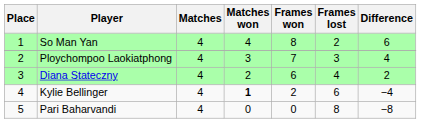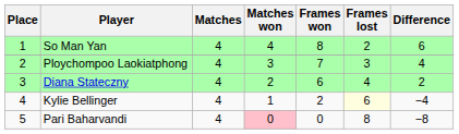 <table class="wikitable" style="text-align: center;">
 <tr>
 <th width=20>Place</th>
 <th width=200>Player</th>
 <th width=20>Matches</th>
 <th width=20>Matches won</th>
 <th width=20>Frames won</th>
 <th width=20>Frames lost</th>
 <th width=20>Difference</th>
 </tr>
 <tr style="background:#aaffaa;">
 <td>1</td>
 <td style="text-align:left;"> So Man Yan</td>
 <td>4</td>
 <td>4</td>
 <td>8</td>
 <td>2</td>
 <td>6</td>
 </tr>
 <tr>
 </tr>
 <tr style="background:#aaffaa;">
 <td>2</td>
 <td style="text-align:left;"> Ploychompoo Laokiatphong</td>
 <td>4</td>
 <td>3</td>
 <td>7</td>
 <td>3</td>
 <td>4</td>
 </tr>
 <tr style="background:#aaffaa;">
 <td>3</td>
 <td style="text-align:left;"> <a href='#'>Diana Stateczny</a></td>
 <td>4</td>
 <td>2</td>
 <td>6</td>
 <td>4</td>
 <td>2</td>
 </tr>
 <tr>
 <td>4</td>
 <td style="text-align:left;"> Kylie Bellinger</td>
 <td>4</td>
-<td><strong>1</strong></td>
+<td>1</td>
 <td>2</td>
-<td>6</td>
+<td style="background: lightyellow;">6</td>
 <td>−4</td>
 </tr>
 <tr>
 <td>5</td>
 <td style="text-align:left;"> Pari Baharvandi</td>
 <td>4</td>
-<td>0</td>
+<td style="background: pink;">0</td>
 <td>0</td>
 <td>8</td>
 <td>−8</td>
 </tr>
 </table>
